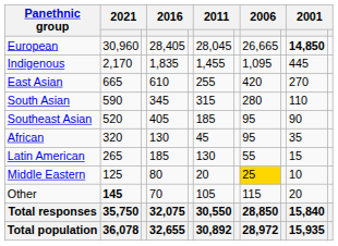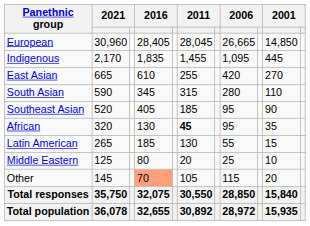 <table class="wikitable collapsible sortable">
 <tr>
 <th rowspan="2"><a href='#'>Panethnic</a><br>group</th>
 <th colspan="2">2021</th>
 <th colspan="2">2016</th>
 <th colspan="2">2011</th>
 <th colspan="2">2006</th>
 <th colspan="2">2001</th>
 </tr>
 <tr>
 <th><a href='#'></a></th>
 <th></th>
 <th></th>
 <th></th>
 <th></th>
 <th></th>
 <th></th>
 <th></th>
 <th></th>
 <th></th>
 </tr>
 <tr>
 <td><a href='#'>European</a></td>
 <td>30,960</td>
 <td></td>
 <td>28,405</td>
 <td></td>
 <td>28,045</td>
 <td></td>
 <td>26,665</td>
 <td></td>
-<td><strong>14,850</strong></td>
+<td>14,850</td>
 <td></td>
 </tr>
 <tr>
 <td><a href='#'>Indigenous</a></td>
 <td>2,170</td>
 <td></td>
 <td>1,835</td>
 <td></td>
 <td>1,455</td>
 <td></td>
 <td>1,095</td>
 <td></td>
 <td>445</td>
 <td></td>
 </tr>
 <tr>
 <td><a href='#'>East Asian</a></td>
 <td>665</td>
 <td></td>
 <td>610</td>
 <td></td>
 <td>255</td>
 <td></td>
 <td>420</td>
 <td></td>
 <td>270</td>
 <td></td>
 </tr>
 <tr>
 <td><a href='#'>South Asian</a></td>
 <td>590</td>
 <td></td>
 <td>345</td>
 <td></td>
 <td>315</td>
 <td></td>
 <td>280</td>
 <td></td>
 <td>110</td>
 <td></td>
 </tr>
 <tr>
 <td><a href='#'>Southeast Asian</a></td>
 <td>520</td>
 <td></td>
 <td>405</td>
 <td></td>
 <td>185</td>
 <td></td>
 <td>95</td>
 <td></td>
 <td>90</td>
 <td></td>
 </tr>
 <tr>
 <td><a href='#'>African</a></td>
 <td>320</td>
 <td></td>
 <td>130</td>
 <td></td>
-<td>45</td>
+<td><strong>45</strong></td>
 <td></td>
 <td>95</td>
 <td></td>
 <td>35</td>
 <td></td>
 </tr>
 <tr>
 <td><a href='#'>Latin American</a></td>
 <td>265</td>
 <td></td>
 <td>185</td>
 <td></td>
 <td>130</td>
 <td></td>
 <td>55</td>
 <td></td>
 <td>15</td>
 <td></td>
 </tr>
 <tr>
 <td><a href='#'>Middle Eastern</a></td>
 <td>125</td>
 <td></td>
 <td>80</td>
 <td></td>
 <td>20</td>
 <td></td>
-<td style="background: gold;">25</td>
+<td>25</td>
 <td></td>
 <td>10</td>
 <td></td>
 </tr>
 <tr>
 <td>Other</td>
-<td><strong>145</strong></td>
+<td>145</td>
 <td></td>
-<td>70</td>
+<td style="background: lightsalmon;">70</td>
 <td></td>
 <td>105</td>
 <td></td>
 <td>115</td>
 <td></td>
 <td>20</td>
 <td></td>
 </tr>
 <tr>
 <th>Total responses</th>
 <th>35,750</th>
 <th></th>
 <th>32,075</th>
 <th></th>
 <th>30,550</th>
 <th></th>
 <th>28,850</th>
 <th></th>
 <th>15,840</th>
 <th></th>
 </tr>
 <tr>
 <th>Total population</th>
 <th>36,078</th>
 <th></th>
 <th>32,655</th>
 <th></th>
 <th>30,892</th>
 <th></th>
 <th>28,972</th>
 <th></th>
 <th>15,935</th>
 <th></th>
 </tr>
 </table>
